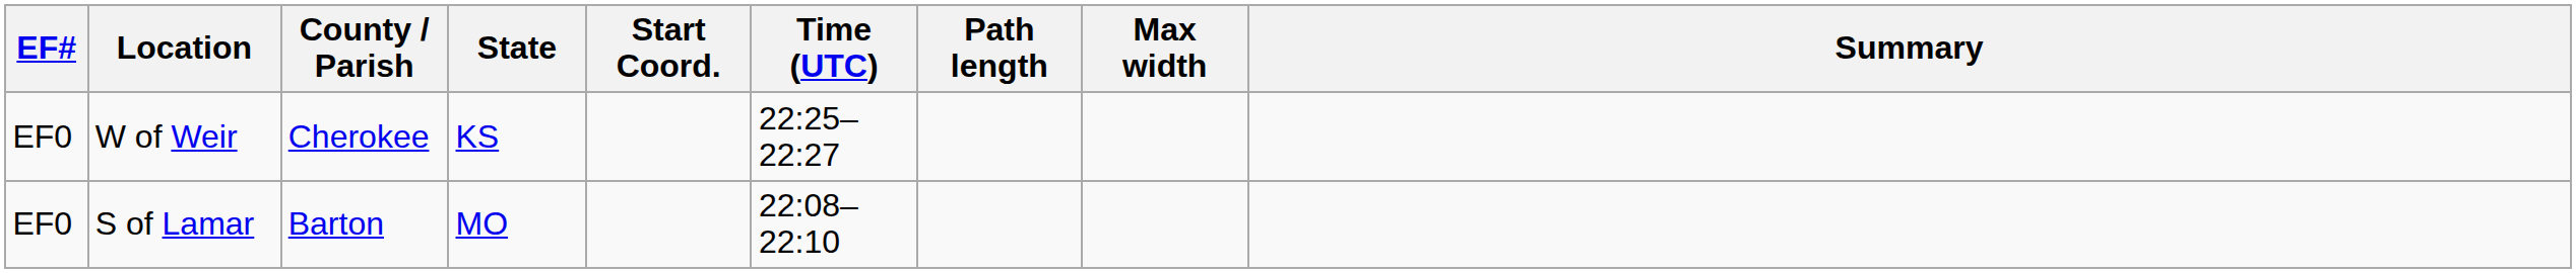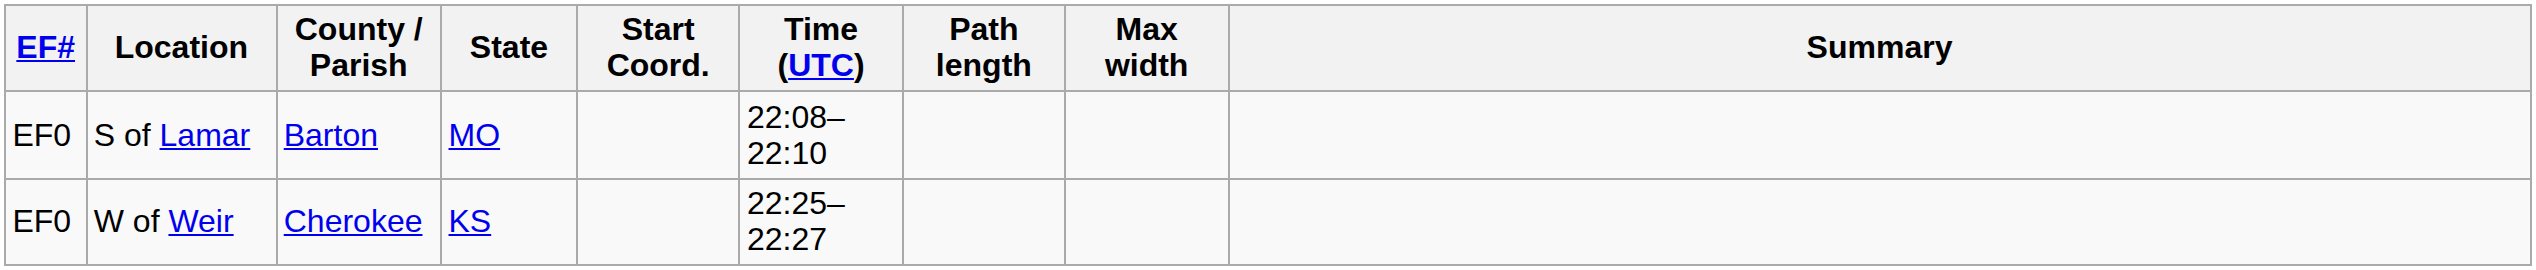 <table class="wikitable sortable" style="width:100%;">
 <tr>
 <th scope="col"  style="width:3%; text-align:center;"><a href='#'>EF#</a></th>
 <th scope="col"  style="width:7%; text-align:center;" class="unsortable">Location</th>
 <th scope="col"  style="width:6%; text-align:center;" class="unsortable">County / Parish</th>
 <th scope="col"  style="width:5%; text-align:center;">State</th>
 <th scope="col"  style="width:6%; text-align:center;">Start Coord.</th>
 <th scope="col"  style="width:6%; text-align:center;">Time (<a href='#'>UTC</a>)</th>
 <th scope="col"  style="width:6%; text-align:center;">Path length</th>
 <th scope="col"  style="width:6%; text-align:center;">Max width</th>
 <th scope="col" class="unsortable" style="width:48%; text-align:center;">Summary</th>
 </tr>
 <tr>
 <td>EF0</td>
+<td>S of <a href='#'>Lamar</a></td>
+<td><a href='#'>Barton</a></td>
+<td><a href='#'>MO</a></td>
+<td></td>
+<td>22:08–22:10</td>
+<td></td>
+<td></td>
+<td></td>
+</tr>
+<tr>
+<td>EF0</td>
 <td>W of <a href='#'>Weir</a></td>
 <td><a href='#'>Cherokee</a></td>
 <td><a href='#'>KS</a></td>
 <td></td>
 <td>22:25–22:27</td>
 <td></td>
 <td></td>
 <td></td>
 </tr>
 <tr>
-<td>EF0</td>
-<td>S of <a href='#'>Lamar</a></td>
-<td><a href='#'>Barton</a></td>
-<td><a href='#'>MO</a></td>
-<td></td>
-<td>22:08–22:10</td>
-<td></td>
-<td></td>
-<td></td>
-</tr>
-<tr>
 </tr>
 </table>
